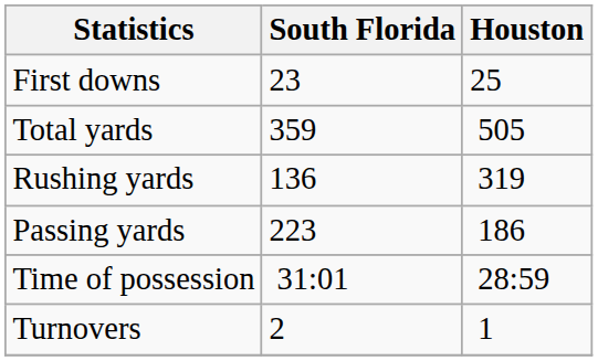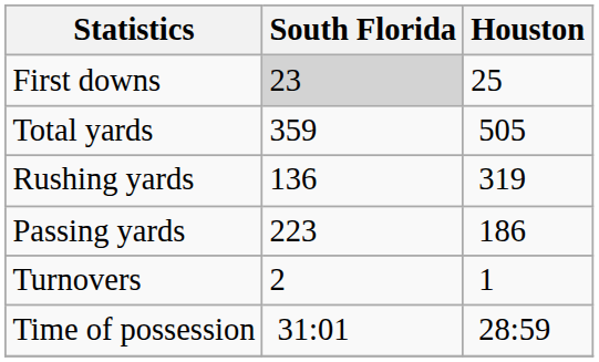 <table class="wikitable">
 <tr>
 <th>Statistics</th>
 <th>South Florida</th>
 <th>Houston</th>
 </tr>
 <tr>
 <td>First downs</td>
-<td>23</td>
+<td style="background: lightgrey;">23</td>
 <td>25</td>
 </tr>
 <tr>
 <td>Total yards</td>
 <td>359</td>
 <td> 505</td>
 </tr>
 <tr>
 <td>Rushing yards</td>
 <td>136</td>
 <td> 319</td>
 </tr>
 <tr>
 <td>Passing yards</td>
 <td>223</td>
 <td> 186</td>
 </tr>
 <tr>
+<td>Turnovers</td>
+<td>2</td>
+<td> 1</td>
+</tr>
+<tr>
 <td>Time of possession</td>
 <td> 31:01</td>
 <td> 28:59</td>
 </tr>
 <tr>
-<td>Turnovers</td>
-<td>2</td>
-<td> 1</td>
-</tr>
-<tr>
 </tr>
 </table>
